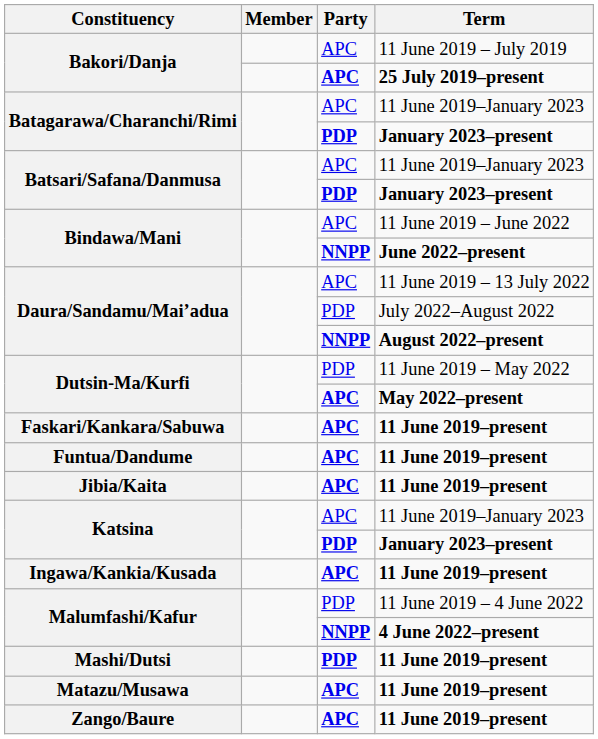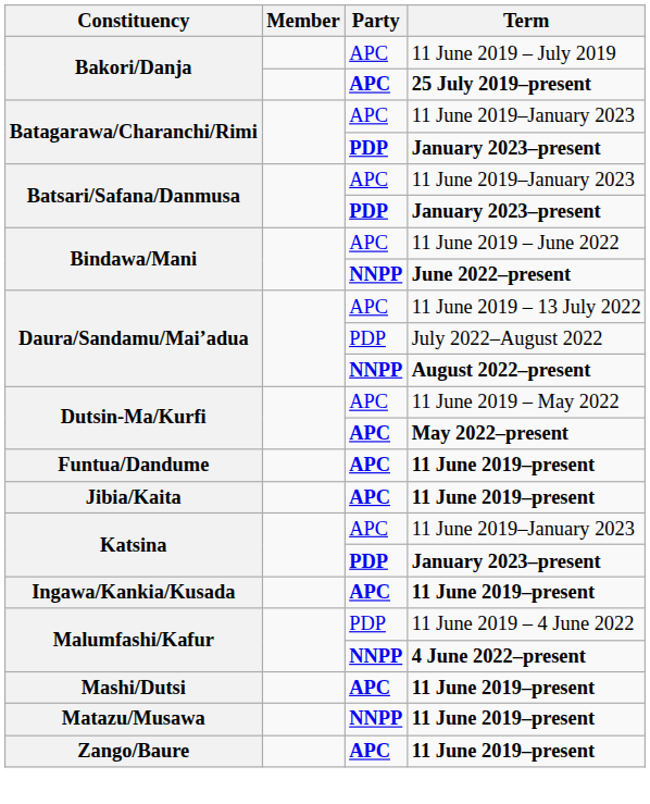 <table class="wikitable">
 <tr valign=bottom>
 <th>Constituency</th>
 <th>Member</th>
 <th>Party</th>
 <th>Term</th>
 </tr>
 <tr>
 <th rowspan=2>Bakori/Danja</th>
 <td style="opacity:.4;"></td>
 <td><a href='#'>APC</a></td>
 <td>11 June 2019 – July 2019</td>
 </tr>
 <tr>
 <td><strong></strong></td>
 <td><strong><a href='#'>APC</a></strong></td>
 <td><strong>25 July 2019–present</strong></td>
 </tr>
 <tr>
 <th rowspan=2>Batagarawa/Charanchi/Rimi</th>
 <td rowspan=2><strong></strong></td>
 <td><a href='#'>APC</a></td>
 <td>11 June 2019–January 2023</td>
 </tr>
 <tr>
 <td><strong><a href='#'>PDP</a></strong></td>
 <td><strong>January 2023–present</strong></td>
 </tr>
 <tr>
 <th rowspan=2>Batsari/Safana/Danmusa</th>
 <td rowspan=2><strong></strong></td>
 <td><a href='#'>APC</a></td>
 <td>11 June 2019–January 2023</td>
 </tr>
 <tr>
 <td><strong><a href='#'>PDP</a></strong></td>
 <td><strong>January 2023–present</strong></td>
 </tr>
 <tr>
 <th rowspan=2>Bindawa/Mani</th>
 <td rowspan=2><strong></strong></td>
 <td><a href='#'>APC</a></td>
 <td>11 June 2019 – June 2022</td>
 </tr>
 <tr>
 <td><strong><a href='#'>NNPP</a></strong></td>
 <td><strong>June 2022–present</strong></td>
 </tr>
 <tr>
 <th rowspan=3>Daura/Sandamu/Mai’adua</th>
 <td rowspan=3><strong></strong></td>
 <td><a href='#'>APC</a></td>
 <td>11 June 2019 – 13 July 2022</td>
 </tr>
 <tr>
 <td><a href='#'>PDP</a></td>
 <td>July 2022–August 2022</td>
 </tr>
 <tr>
 <td><strong><a href='#'>NNPP</a></strong></td>
 <td><strong>August 2022–present</strong></td>
 </tr>
 <tr>
 <th rowspan=2>Dutsin-Ma/Kurfi</th>
 <td rowspan=2><strong></strong></td>
-<td><a href='#'>PDP</a></td>
+<td><a href='#'>APC</a></td>
 <td>11 June 2019 – May 2022</td>
 </tr>
 <tr>
 <td><strong><a href='#'>APC</a></strong></td>
 <td><strong>May 2022–present</strong></td>
-</tr>
-<tr>
-<th>Faskari/Kankara/Sabuwa</th>
-<td><strong></strong></td>
-<td><strong><a href='#'>APC</a></strong></td>
-<td><strong>11 June 2019–present</strong></td>
 </tr>
 <tr>
 <th>Funtua/Dandume</th>
 <td><strong></strong></td>
 <td><strong><a href='#'>APC</a></strong></td>
 <td><strong>11 June 2019–present</strong></td>
 </tr>
 <tr>
 <th>Jibia/Kaita</th>
 <td><strong></strong></td>
 <td><strong><a href='#'>APC</a></strong></td>
 <td><strong>11 June 2019–present</strong></td>
 </tr>
 <tr>
 <th rowspan=2>Katsina</th>
 <td rowspan=2><strong></strong></td>
 <td><a href='#'>APC</a></td>
 <td>11 June 2019–January 2023</td>
 </tr>
 <tr>
 <td><strong><a href='#'>PDP</a></strong></td>
 <td><strong>January 2023–present</strong></td>
 </tr>
 <tr>
 <th>Ingawa/Kankia/Kusada</th>
 <td><strong></strong></td>
 <td><strong><a href='#'>APC</a></strong></td>
 <td><strong>11 June 2019–present</strong></td>
 </tr>
 <tr>
 <th rowspan=2>Malumfashi/Kafur</th>
 <td rowspan=2><strong></strong></td>
 <td><a href='#'>PDP</a></td>
 <td>11 June 2019 – 4 June 2022</td>
 </tr>
 <tr>
 <td><strong><a href='#'>NNPP</a></strong></td>
 <td><strong>4 June 2022–present</strong></td>
 </tr>
 <tr>
 <th>Mashi/Dutsi</th>
 <td><strong></strong></td>
-<td><strong><a href='#'>PDP</a></strong></td>
+<td><strong><a href='#'>APC</a></strong></td>
 <td><strong>11 June 2019–present</strong></td>
 </tr>
 <tr>
 <th>Matazu/Musawa</th>
 <td><strong></strong></td>
-<td><strong><a href='#'>APC</a></strong></td>
+<td><strong><a href='#'>NNPP</a></strong></td>
 <td><strong>11 June 2019–present</strong></td>
 </tr>
 <tr>
 <th>Zango/Baure</th>
 <td><strong></strong></td>
 <td><strong><a href='#'>APC</a></strong></td>
 <td><strong>11 June 2019–present</strong></td>
 </tr>
 </table>
